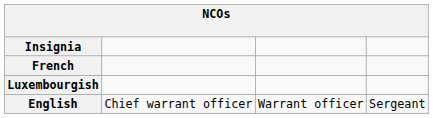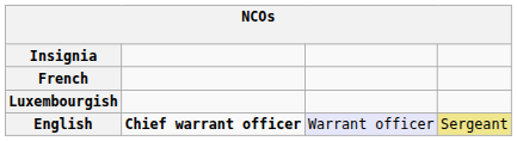 <table class="wikitable">
 <tr>
 <th colspan="9">NCOs<br><br></th>
 </tr>
 <tr style="text-align:center;">
 <th>Insignia</th>
 <td></td>
 <td></td>
 <td></td>
 </tr>
 <tr style="text-align:center;">
 <th>French</th>
 <td></td>
 <td></td>
 <td></td>
 </tr>
 <tr style="text-align:center;">
 <th>Luxembourgish</th>
 <td></td>
 <td></td>
 <td></td>
 </tr>
 <tr style="text-align:center;">
 <th>English</th>
-<td>Chief warrant officer</td>
-<td>Warrant officer</td>
-<td>Sergeant</td>
+<td><strong>Chief warrant officer</strong></td>
+<td style="background: lavender;">Warrant officer</td>
+<td style="background: khaki;">Sergeant</td>
 </tr>
 </table>
